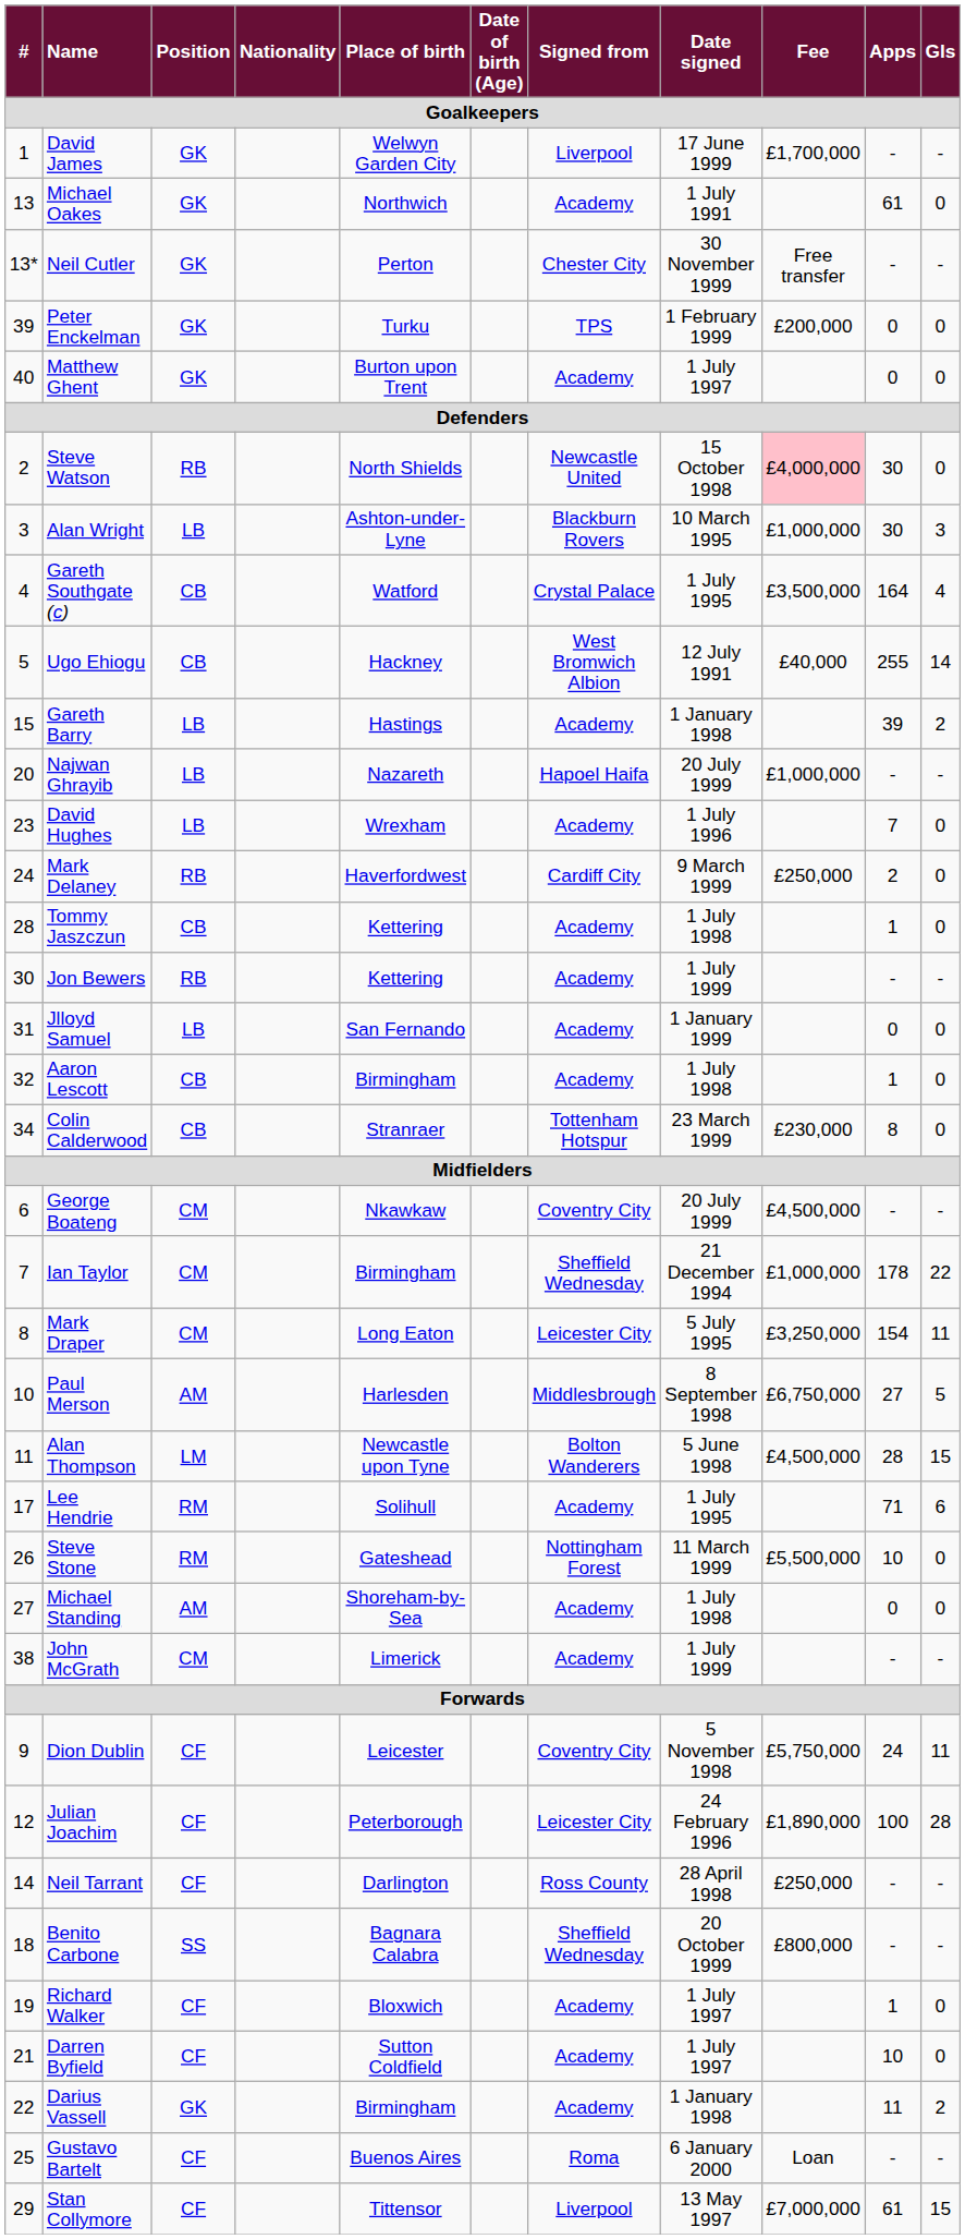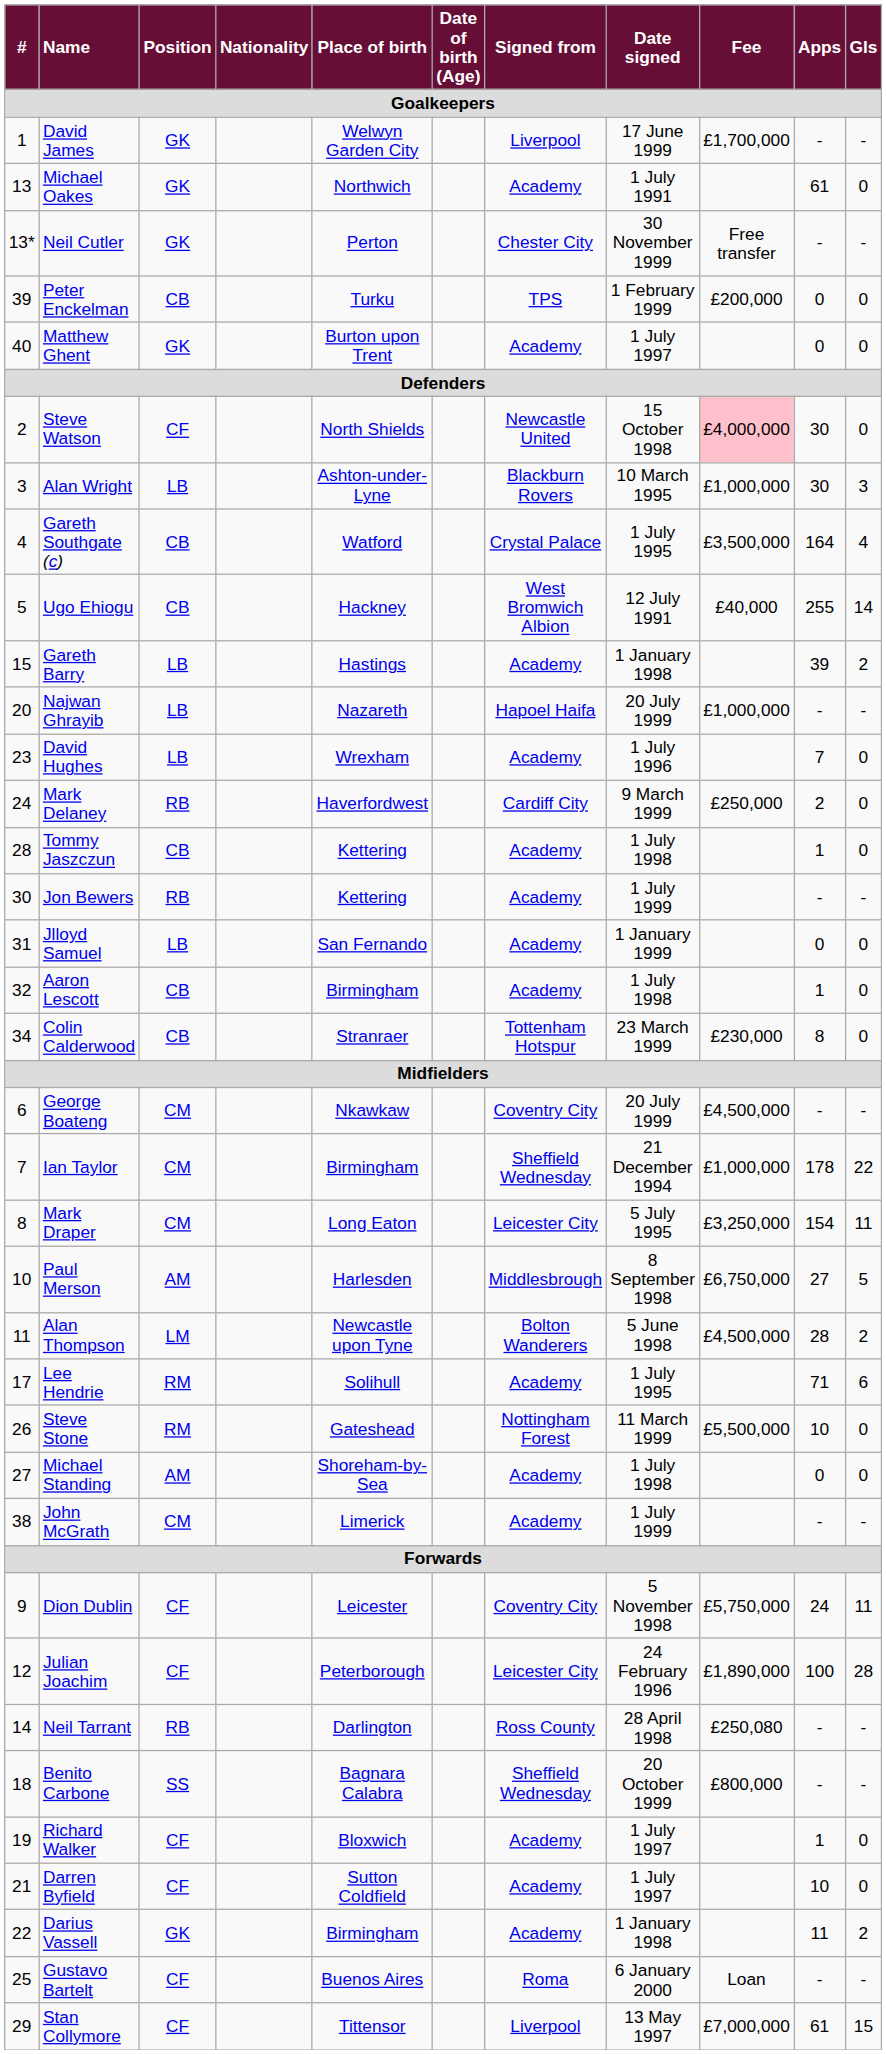 <table class="wikitable" style="text-align:center; font-size:84.5%; width:101%;">
 <tr>
 <th style="background:#670E36; color:#FFFFFF; text-align:center;">#</th>
 <th style="background:#670E36; color:#FFFFFF; text-align:left;">Name</th>
 <th style="background:#670E36; color:#FFFFFF; text-align:center;">Position</th>
 <th style="background:#670E36; color:#FFFFFF; text-align:center;">Nationality</th>
 <th style="background:#670E36; color:#FFFFFF; text-align:center;">Place of birth</th>
 <th style="background:#670E36; color:#FFFFFF; text-align:center;">Date of birth (Age)</th>
 <th style="background:#670E36; color:#FFFFFF; text-align:center;">Signed from</th>
 <th style="background:#670E36; color:#FFFFFF; text-align:center;">Date signed</th>
 <th style="background:#670E36; color:#FFFFFF; text-align:center;">Fee</th>
 <th style="background:#670E36; color:#FFFFFF; text-align:center;">Apps</th>
 <th style="background:#670E36; color:#FFFFFF; text-align:center;">Gls</th>
 </tr>
 <tr>
 <th colspan="11" style="background:#dcdcdc; tepxt-align:center;">Goalkeepers</th>
 </tr>
 <tr>
 <td>1</td>
 <td style="text-align:left;"><a href='#'>David James</a></td>
 <td><a href='#'>GK</a></td>
 <td></td>
 <td><a href='#'>Welwyn Garden City</a></td>
 <td></td>
 <td><a href='#'>Liverpool</a></td>
 <td>17 June 1999</td>
 <td>£1,700,000</td>
 <td>-</td>
 <td>-</td>
 </tr>
 <tr>
 <td>13</td>
 <td style="text-align:left;"><a href='#'>Michael Oakes</a></td>
 <td><a href='#'>GK</a></td>
 <td></td>
 <td><a href='#'>Northwich</a></td>
 <td></td>
 <td><a href='#'>Academy</a></td>
 <td>1 July 1991</td>
 <td></td>
 <td>61</td>
 <td>0</td>
 </tr>
 <tr>
 <td>13*</td>
 <td style="text-align:left;"><a href='#'>Neil Cutler</a></td>
 <td><a href='#'>GK</a></td>
 <td></td>
 <td><a href='#'>Perton</a></td>
 <td></td>
 <td><a href='#'>Chester City</a></td>
 <td>30 November 1999</td>
 <td>Free transfer</td>
 <td>-</td>
 <td>-</td>
 </tr>
 <tr>
 <td>39</td>
 <td style="text-align:left;"><a href='#'>Peter Enckelman</a></td>
-<td><a href='#'>GK</a></td>
+<td><a href='#'>CB</a></td>
 <td></td>
 <td><a href='#'>Turku</a></td>
 <td></td>
 <td> <a href='#'>TPS</a></td>
 <td>1 February 1999</td>
 <td>£200,000</td>
 <td>0</td>
 <td>0</td>
 </tr>
 <tr>
 <td>40</td>
 <td style="text-align:left;"><a href='#'>Matthew Ghent</a></td>
 <td><a href='#'>GK</a></td>
 <td></td>
 <td><a href='#'>Burton upon Trent</a></td>
 <td></td>
 <td><a href='#'>Academy</a></td>
 <td>1 July 1997</td>
 <td></td>
 <td>0</td>
 <td>0</td>
 </tr>
 <tr>
 <th colspan="11" style="background:#dcdcdc; tepxt-align:center;">Defenders</th>
 </tr>
 <tr>
 <td>2</td>
 <td style="text-align:left;"><a href='#'>Steve Watson</a></td>
-<td><a href='#'>RB</a></td>
+<td><a href='#'>CF</a></td>
 <td></td>
 <td><a href='#'>North Shields</a></td>
 <td></td>
 <td><a href='#'>Newcastle United</a></td>
 <td>15 October 1998</td>
 <td style="background: pink;">£4,000,000</td>
 <td>30</td>
 <td>0</td>
 </tr>
 <tr>
 <td>3</td>
 <td style="text-align:left;"><a href='#'>Alan Wright</a></td>
 <td><a href='#'>LB</a></td>
 <td></td>
 <td><a href='#'>Ashton-under-Lyne</a></td>
 <td></td>
 <td><a href='#'>Blackburn Rovers</a></td>
 <td>10 March 1995</td>
 <td>£1,000,000</td>
 <td>30</td>
 <td>3</td>
 </tr>
 <tr>
 <td>4</td>
 <td style="text-align:left;"><a href='#'>Gareth Southgate</a> <em>(<a href='#'>c</a>)</em></td>
 <td><a href='#'>CB</a></td>
 <td></td>
 <td><a href='#'>Watford</a></td>
 <td></td>
 <td><a href='#'>Crystal Palace</a></td>
 <td>1 July 1995</td>
 <td>£3,500,000</td>
 <td>164</td>
 <td>4</td>
 </tr>
 <tr>
 <td>5</td>
 <td style="text-align:left;"><a href='#'>Ugo Ehiogu</a></td>
 <td><a href='#'>CB</a></td>
 <td></td>
 <td><a href='#'>Hackney</a></td>
 <td></td>
 <td><a href='#'>West Bromwich Albion</a></td>
 <td>12 July 1991</td>
 <td>£40,000</td>
 <td>255</td>
 <td>14</td>
 </tr>
 <tr>
 <td>15</td>
 <td style="text-align:left;"><a href='#'>Gareth Barry</a></td>
 <td><a href='#'>LB</a></td>
 <td></td>
 <td><a href='#'>Hastings</a></td>
 <td></td>
 <td><a href='#'>Academy</a></td>
 <td>1 January 1998</td>
 <td></td>
 <td>39</td>
 <td>2</td>
 </tr>
 <tr>
 <td>20</td>
 <td style="text-align:left;"><a href='#'>Najwan Ghrayib</a></td>
 <td><a href='#'>LB</a></td>
 <td></td>
 <td><a href='#'>Nazareth</a></td>
 <td></td>
 <td> <a href='#'>Hapoel Haifa</a></td>
 <td>20 July 1999</td>
 <td>£1,000,000</td>
 <td>-</td>
 <td>-</td>
 </tr>
 <tr>
 <td>23</td>
 <td style="text-align:left;"><a href='#'>David Hughes</a></td>
 <td><a href='#'>LB</a></td>
 <td></td>
 <td><a href='#'>Wrexham</a></td>
 <td></td>
 <td><a href='#'>Academy</a></td>
 <td>1 July 1996</td>
 <td></td>
 <td>7</td>
 <td>0</td>
 </tr>
 <tr>
 <td>24</td>
 <td style="text-align:left;"><a href='#'>Mark Delaney</a></td>
 <td><a href='#'>RB</a></td>
 <td></td>
 <td><a href='#'>Haverfordwest</a></td>
 <td></td>
 <td> <a href='#'>Cardiff City</a></td>
 <td>9 March 1999</td>
 <td>£250,000</td>
 <td>2</td>
 <td>0</td>
 </tr>
 <tr>
 <td>28</td>
 <td style="text-align:left;"><a href='#'>Tommy Jaszczun</a></td>
 <td><a href='#'>CB</a></td>
 <td></td>
 <td><a href='#'>Kettering</a></td>
 <td></td>
 <td><a href='#'>Academy</a></td>
 <td>1 July 1998</td>
 <td></td>
 <td>1</td>
 <td>0</td>
 </tr>
 <tr>
 <td>30</td>
 <td style="text-align:left;"><a href='#'>Jon Bewers</a></td>
 <td><a href='#'>RB</a></td>
 <td></td>
 <td><a href='#'>Kettering</a></td>
 <td></td>
 <td><a href='#'>Academy</a></td>
 <td>1 July 1999</td>
 <td></td>
 <td>-</td>
 <td>-</td>
 </tr>
 <tr>
 <td>31</td>
 <td style="text-align:left;"><a href='#'>Jlloyd Samuel</a></td>
 <td><a href='#'>LB</a></td>
 <td></td>
 <td><a href='#'>San Fernando</a></td>
 <td></td>
 <td><a href='#'>Academy</a></td>
 <td>1 January 1999</td>
 <td></td>
 <td>0</td>
 <td>0</td>
 </tr>
 <tr>
 <td>32</td>
 <td style="text-align:left;"><a href='#'>Aaron Lescott</a></td>
 <td><a href='#'>CB</a></td>
 <td></td>
 <td><a href='#'>Birmingham</a></td>
 <td></td>
 <td><a href='#'>Academy</a></td>
 <td>1 July 1998</td>
 <td></td>
 <td>1</td>
 <td>0</td>
 </tr>
 <tr>
 <td>34</td>
 <td style="text-align:left;"><a href='#'>Colin Calderwood</a></td>
 <td><a href='#'>CB</a></td>
 <td></td>
 <td><a href='#'>Stranraer</a></td>
 <td></td>
 <td><a href='#'>Tottenham Hotspur</a></td>
 <td>23 March 1999</td>
 <td>£230,000</td>
 <td>8</td>
 <td>0</td>
 </tr>
 <tr>
 <th colspan="11" style="background:#dcdcdc; tepxt-align:center;">Midfielders</th>
 </tr>
 <tr>
 <td>6</td>
 <td style="text-align:left;"><a href='#'>George Boateng</a></td>
 <td><a href='#'>CM</a></td>
 <td></td>
 <td> <a href='#'>Nkawkaw</a></td>
 <td></td>
 <td><a href='#'>Coventry City</a></td>
 <td>20 July 1999</td>
 <td>£4,500,000</td>
 <td>-</td>
 <td>-</td>
 </tr>
 <tr>
 <td>7</td>
 <td style="text-align:left;"><a href='#'>Ian Taylor</a></td>
 <td><a href='#'>CM</a></td>
 <td></td>
 <td><a href='#'>Birmingham</a></td>
 <td></td>
 <td><a href='#'>Sheffield Wednesday</a></td>
 <td>21 December 1994</td>
 <td>£1,000,000</td>
 <td>178</td>
 <td>22</td>
 </tr>
 <tr>
 <td>8</td>
 <td style="text-align:left;"><a href='#'>Mark Draper</a></td>
 <td><a href='#'>CM</a></td>
 <td></td>
 <td><a href='#'>Long Eaton</a></td>
 <td></td>
 <td><a href='#'>Leicester City</a></td>
 <td>5 July 1995</td>
 <td>£3,250,000</td>
 <td>154</td>
 <td>11</td>
 </tr>
 <tr>
 <td>10</td>
 <td style="text-align:left;"><a href='#'>Paul Merson</a></td>
 <td><a href='#'>AM</a></td>
 <td></td>
 <td><a href='#'>Harlesden</a></td>
 <td></td>
 <td><a href='#'>Middlesbrough</a></td>
 <td>8 September 1998</td>
 <td>£6,750,000</td>
 <td>27</td>
 <td>5</td>
 </tr>
 <tr>
 <td>11</td>
 <td style="text-align:left;"><a href='#'>Alan Thompson</a></td>
 <td><a href='#'>LM</a></td>
 <td></td>
 <td><a href='#'>Newcastle upon Tyne</a></td>
 <td></td>
 <td><a href='#'>Bolton Wanderers</a></td>
 <td>5 June 1998</td>
 <td>£4,500,000</td>
 <td>28</td>
-<td>15</td>
+<td>2</td>
 </tr>
 <tr>
 <td>17</td>
 <td style="text-align:left;"><a href='#'>Lee Hendrie</a></td>
 <td><a href='#'>RM</a></td>
 <td></td>
 <td><a href='#'>Solihull</a></td>
 <td></td>
 <td><a href='#'>Academy</a></td>
 <td>1 July 1995</td>
 <td></td>
 <td>71</td>
 <td>6</td>
 </tr>
 <tr>
 <td>26</td>
 <td style="text-align:left;"><a href='#'>Steve Stone</a></td>
 <td><a href='#'>RM</a></td>
 <td></td>
 <td><a href='#'>Gateshead</a></td>
 <td></td>
 <td><a href='#'>Nottingham Forest</a></td>
 <td>11 March 1999</td>
 <td>£5,500,000</td>
 <td>10</td>
 <td>0</td>
 </tr>
 <tr>
 <td>27</td>
 <td style="text-align:left;"><a href='#'>Michael Standing</a></td>
 <td><a href='#'>AM</a></td>
 <td></td>
 <td><a href='#'>Shoreham-by-Sea</a></td>
 <td></td>
 <td><a href='#'>Academy</a></td>
 <td>1 July 1998</td>
 <td></td>
 <td>0</td>
 <td>0</td>
 </tr>
 <tr>
 <td>38</td>
 <td style="text-align:left;"><a href='#'>John McGrath</a></td>
 <td><a href='#'>CM</a></td>
 <td></td>
 <td><a href='#'>Limerick</a></td>
 <td></td>
 <td><a href='#'>Academy</a></td>
 <td>1 July 1999</td>
 <td></td>
 <td>-</td>
 <td>-</td>
 </tr>
 <tr>
 <th colspan="11" style="background:#dcdcdc; tepxt-align:center;">Forwards</th>
 </tr>
 <tr>
 <td>9</td>
 <td style="text-align:left;"><a href='#'>Dion Dublin</a></td>
 <td><a href='#'>CF</a></td>
 <td></td>
 <td><a href='#'>Leicester</a></td>
 <td></td>
 <td><a href='#'>Coventry City</a></td>
 <td>5 November 1998</td>
 <td>£5,750,000</td>
 <td>24</td>
 <td>11</td>
 </tr>
 <tr>
 <td>12</td>
 <td style="text-align:left;"><a href='#'>Julian Joachim</a></td>
 <td><a href='#'>CF</a></td>
 <td></td>
 <td><a href='#'>Peterborough</a></td>
 <td></td>
 <td><a href='#'>Leicester City</a></td>
 <td>24 February 1996</td>
 <td>£1,890,000</td>
 <td>100</td>
 <td>28</td>
 </tr>
 <tr>
 <td>14</td>
 <td style="text-align:left;"><a href='#'>Neil Tarrant</a></td>
-<td><a href='#'>CF</a></td>
+<td><a href='#'>RB</a></td>
 <td></td>
 <td> <a href='#'>Darlington</a></td>
 <td></td>
 <td> <a href='#'>Ross County</a></td>
 <td>28 April 1998</td>
-<td>£250,000</td>
+<td>£250,080</td>
 <td>-</td>
 <td>-</td>
 </tr>
 <tr>
 <td>18</td>
 <td style="text-align:left;"><a href='#'>Benito Carbone</a></td>
 <td><a href='#'>SS</a></td>
 <td></td>
 <td><a href='#'>Bagnara Calabra</a></td>
 <td></td>
 <td><a href='#'>Sheffield Wednesday</a></td>
 <td>20 October 1999</td>
 <td>£800,000</td>
 <td>-</td>
 <td>-</td>
 </tr>
 <tr>
 <td>19</td>
 <td style="text-align:left;"><a href='#'>Richard Walker</a></td>
 <td><a href='#'>CF</a></td>
 <td></td>
 <td><a href='#'>Bloxwich</a></td>
 <td></td>
 <td><a href='#'>Academy</a></td>
 <td>1 July 1997</td>
 <td></td>
 <td>1</td>
 <td>0</td>
 </tr>
 <tr>
 <td>21</td>
 <td style="text-align:left;"><a href='#'>Darren Byfield</a></td>
 <td><a href='#'>CF</a></td>
 <td></td>
 <td> <a href='#'>Sutton Coldfield</a></td>
 <td></td>
 <td><a href='#'>Academy</a></td>
 <td>1 July 1997</td>
 <td></td>
 <td>10</td>
 <td>0</td>
 </tr>
 <tr>
 <td>22</td>
 <td style="text-align:left;"><a href='#'>Darius Vassell</a></td>
 <td><a href='#'>GK</a></td>
 <td></td>
 <td><a href='#'>Birmingham</a></td>
 <td></td>
 <td><a href='#'>Academy</a></td>
 <td>1 January 1998</td>
 <td></td>
 <td>11</td>
 <td>2</td>
 </tr>
 <tr>
 <td>25</td>
 <td style="text-align:left;"><a href='#'>Gustavo Bartelt</a></td>
 <td><a href='#'>CF</a></td>
 <td></td>
 <td><a href='#'>Buenos Aires</a></td>
 <td></td>
 <td> <a href='#'>Roma</a></td>
 <td>6 January 2000</td>
 <td>Loan</td>
 <td>-</td>
 <td>-</td>
 </tr>
 <tr>
 <td>29</td>
 <td style="text-align:left;"><a href='#'>Stan Collymore</a></td>
 <td><a href='#'>CF</a></td>
 <td></td>
 <td><a href='#'>Tittensor</a></td>
 <td></td>
 <td><a href='#'>Liverpool</a></td>
 <td>13 May 1997</td>
 <td>£7,000,000</td>
 <td>61</td>
 <td>15</td>
 </tr>
 </table>
